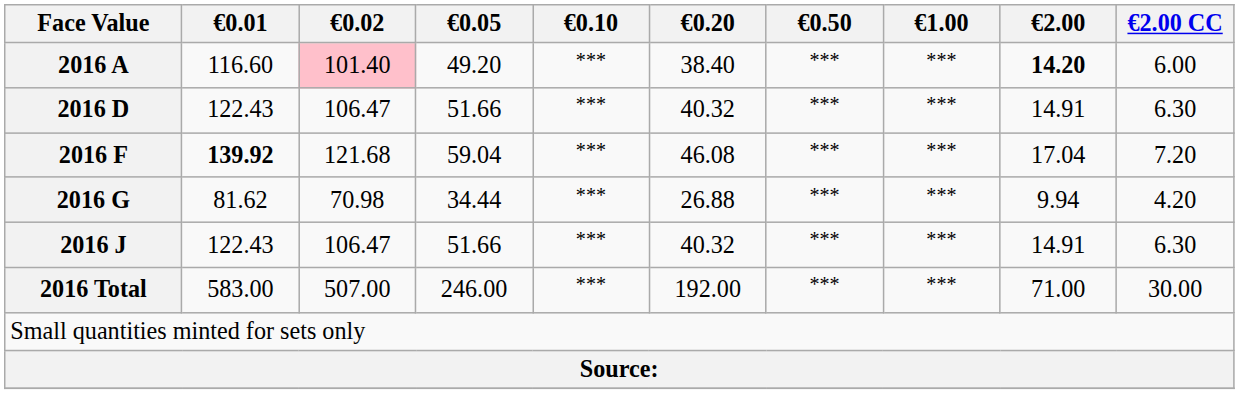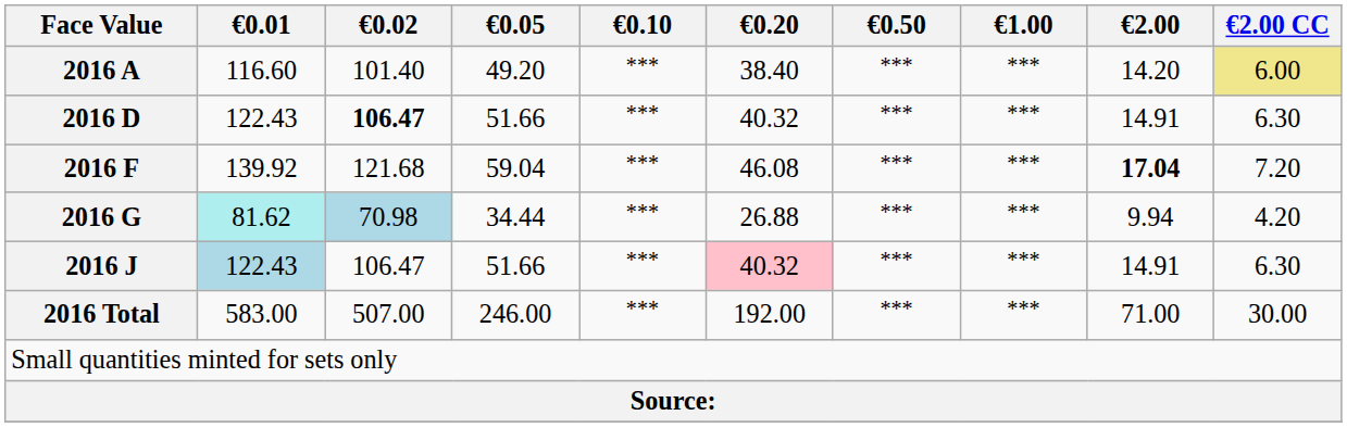 <table class="wikitable" style="text-align:center">
 <tr>
 <th align=left width=110px>Face Value</th>
 <th align=left width=70px>€0.01</th>
 <th align=left width=70px>€0.02</th>
 <th align=left width=70px>€0.05</th>
 <th align=left width=70px>€0.10</th>
 <th align=left width=70px>€0.20</th>
 <th align=left width=70px>€0.50</th>
 <th align=left width=70px>€1.00</th>
 <th align=left width=70px>€2.00</th>
 <th align=left width=70px><a href='#'>€2.00 CC</a></th>
 </tr>
 <tr>
 <th>2016 A</th>
 <td>116.60</td>
-<td style="background: pink;">101.40</td>
+<td>101.40</td>
 <td>49.20</td>
 <td><sup>***</sup></td>
 <td>38.40</td>
 <td><sup>***</sup></td>
 <td><sup>***</sup></td>
-<td><strong>14.20</strong></td>
-<td>6.00</td>
+<td>14.20</td>
+<td style="background: khaki;">6.00</td>
 </tr>
 <tr>
 <th>2016 D</th>
 <td>122.43</td>
-<td>106.47</td>
+<td><strong>106.47</strong></td>
 <td>51.66</td>
 <td><sup>***</sup></td>
 <td>40.32</td>
 <td><sup>***</sup></td>
 <td><sup>***</sup></td>
 <td>14.91</td>
 <td>6.30</td>
 </tr>
 <tr>
 <th>2016 F</th>
-<td><strong>139.92</strong></td>
+<td>139.92</td>
 <td>121.68</td>
 <td>59.04</td>
 <td><sup>***</sup></td>
 <td>46.08</td>
 <td><sup>***</sup></td>
 <td><sup>***</sup></td>
-<td>17.04</td>
+<td><strong>17.04</strong></td>
 <td>7.20</td>
 </tr>
 <tr>
 <th>2016 G</th>
-<td>81.62</td>
-<td>70.98</td>
+<td style="background: paleturquoise;">81.62</td>
+<td style="background: lightblue;">70.98</td>
 <td>34.44</td>
 <td><sup>***</sup></td>
 <td>26.88</td>
 <td><sup>***</sup></td>
 <td><sup>***</sup></td>
 <td>9.94</td>
 <td>4.20</td>
 </tr>
 <tr>
 <th>2016 J</th>
-<td>122.43</td>
+<td style="background: lightblue;">122.43</td>
 <td>106.47</td>
 <td>51.66</td>
 <td><sup>***</sup></td>
-<td>40.32</td>
+<td style="background: pink;">40.32</td>
 <td><sup>***</sup></td>
 <td><sup>***</sup></td>
 <td>14.91</td>
 <td>6.30</td>
 </tr>
 <tr>
 <th>2016 Total</th>
 <td>583.00</td>
 <td>507.00</td>
 <td>246.00</td>
 <td><sup>***</sup></td>
 <td>192.00</td>
 <td><sup>***</sup></td>
 <td><sup>***</sup></td>
 <td>71.00</td>
 <td>30.00</td>
 </tr>
 <tr>
 <td align=left colspan=10> Small quantities minted for sets only</td>
 </tr>
 <tr>
 <th colspan=10>Source:</th>
 </tr>
 <tr>
 </tr>
 </table>
